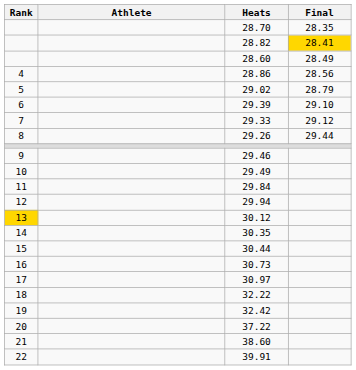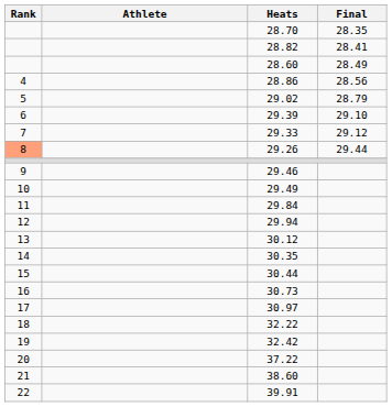 <table class=wikitable style="text-align:center">
 <tr>
 <th width=40>Rank</th>
 <th width=250>Athlete</th>
 <th width=80>Heats</th>
 <th width=80>Final</th>
 </tr>
 <tr>
 <td></td>
 <td align=left></td>
 <td>28.70</td>
 <td>28.35</td>
 </tr>
 <tr>
 <td></td>
 <td align=left></td>
 <td>28.82</td>
-<td style="background: gold;">28.41</td>
+<td>28.41</td>
 </tr>
 <tr>
 <td></td>
 <td align=left></td>
 <td>28.60</td>
 <td>28.49</td>
 </tr>
 <tr>
 <td>4</td>
 <td align=left></td>
 <td>28.86</td>
 <td>28.56</td>
 </tr>
 <tr>
 <td>5</td>
 <td align=left></td>
 <td>29.02</td>
 <td>28.79</td>
 </tr>
 <tr>
 <td>6</td>
 <td align=left></td>
 <td>29.39</td>
 <td>29.10</td>
 </tr>
 <tr>
 <td>7</td>
 <td align=left></td>
 <td>29.33</td>
 <td>29.12</td>
 </tr>
 <tr>
-<td>8</td>
+<td style="background: lightsalmon;">8</td>
 <td align=left></td>
 <td>29.26</td>
 <td>29.44</td>
 </tr>
 <tr bgcolor=#DDDDDD>
 <td colspan=4></td>
 </tr>
 <tr>
 <td>9</td>
 <td align=left></td>
 <td>29.46</td>
 <td></td>
 </tr>
 <tr>
 <td>10</td>
 <td align=left></td>
 <td>29.49</td>
 <td></td>
 </tr>
 <tr>
 <td>11</td>
 <td align=left></td>
 <td>29.84</td>
 <td></td>
 </tr>
 <tr>
 <td>12</td>
 <td align=left></td>
 <td>29.94</td>
 <td></td>
 </tr>
 <tr>
-<td style="background: gold;">13</td>
+<td>13</td>
 <td align=left></td>
 <td>30.12</td>
 <td></td>
 </tr>
 <tr>
 <td>14</td>
 <td align=left></td>
 <td>30.35</td>
 <td></td>
 </tr>
 <tr>
 <td>15</td>
 <td align=left></td>
 <td>30.44</td>
 <td></td>
 </tr>
 <tr>
 <td>16</td>
 <td align=left></td>
 <td>30.73</td>
 <td></td>
 </tr>
 <tr>
 <td>17</td>
 <td align=left></td>
 <td>30.97</td>
 <td></td>
 </tr>
 <tr>
 <td>18</td>
 <td align=left></td>
 <td>32.22</td>
 <td></td>
 </tr>
 <tr>
 <td>19</td>
 <td align=left></td>
 <td>32.42</td>
 <td></td>
 </tr>
 <tr>
 <td>20</td>
 <td align=left></td>
 <td>37.22</td>
 <td></td>
 </tr>
 <tr>
 <td>21</td>
 <td align=left></td>
 <td>38.60</td>
 <td></td>
 </tr>
 <tr>
 <td>22</td>
 <td align=left></td>
 <td>39.91</td>
 <td></td>
 </tr>
 </table>
